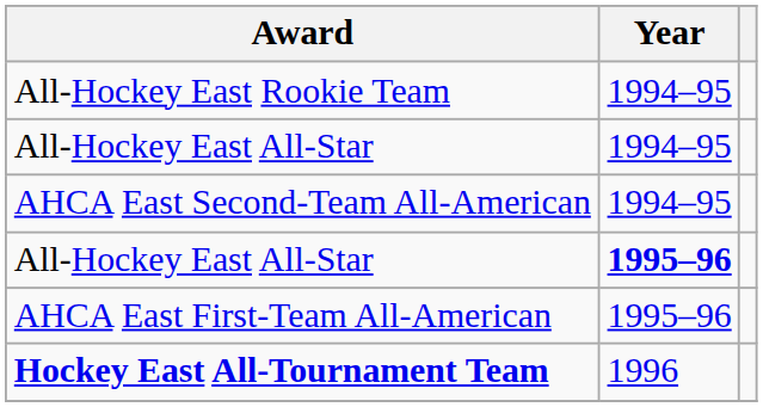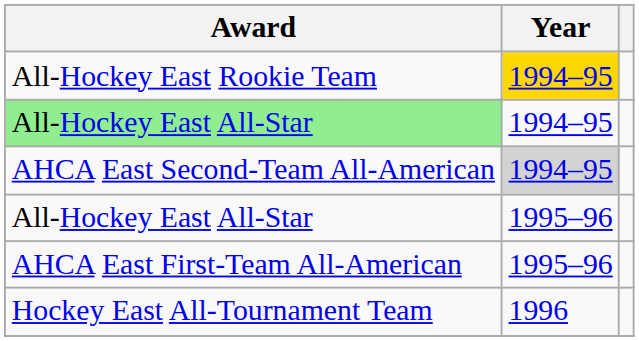 <table class="wikitable">
 <tr>
 <th>Award</th>
 <th>Year</th>
 <th></th>
 </tr>
 <tr>
 <td>All-<a href='#'>Hockey East</a> <a href='#'>Rookie Team</a></td>
-<td><a href='#'>1994–95</a></td>
+<td style="background: gold;"><a href='#'>1994–95</a></td>
 <td></td>
 </tr>
 <tr>
-<td>All-<a href='#'>Hockey East</a> <a href='#'>All-Star</a></td>
+<td style="background: lightgreen;">All-<a href='#'>Hockey East</a> <a href='#'>All-Star</a></td>
 <td><a href='#'>1994–95</a></td>
 <td></td>
 </tr>
 <tr>
 <td><a href='#'>AHCA</a> <a href='#'>East Second-Team All-American</a></td>
-<td><a href='#'>1994–95</a></td>
+<td style="background: lightgrey;"><a href='#'>1994–95</a></td>
 <td></td>
 </tr>
 <tr>
 <td>All-<a href='#'>Hockey East</a> <a href='#'>All-Star</a></td>
-<td><strong><a href='#'>1995–96</a></strong></td>
+<td><a href='#'>1995–96</a></td>
 <td></td>
 </tr>
 <tr>
 <td><a href='#'>AHCA</a> <a href='#'>East First-Team All-American</a></td>
 <td><a href='#'>1995–96</a></td>
 <td></td>
 </tr>
 <tr>
-<td><strong><a href='#'>Hockey East</a> <a href='#'>All-Tournament Team</a></strong></td>
+<td><a href='#'>Hockey East</a> <a href='#'>All-Tournament Team</a></td>
 <td><a href='#'>1996</a></td>
 <td></td>
 </tr>
 <tr>
 </tr>
 </table>
